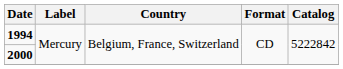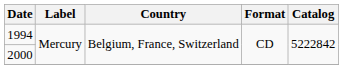 <table class="wikitable">
 <tr>
 <th>Date</th>
 <th>Label</th>
 <th>Country</th>
 <th>Format</th>
 <th>Catalog</th>
 </tr>
 <tr>
-<td align=center><strong>1994</strong></td>
+<td align=center>1994</td>
 <td rowspan=2 align=center>Mercury</td>
 <td rowspan=2 align=center>Belgium, France, Switzerland</td>
 <td rowspan=2 align=center>CD</td>
 <td rowspan=2 align=center>5222842</td>
 </tr>
 <tr>
-<td align=center><strong>2000</strong></td>
+<td align=center>2000</td>
 </tr>
 <tr>
 </tr>
 </table>
